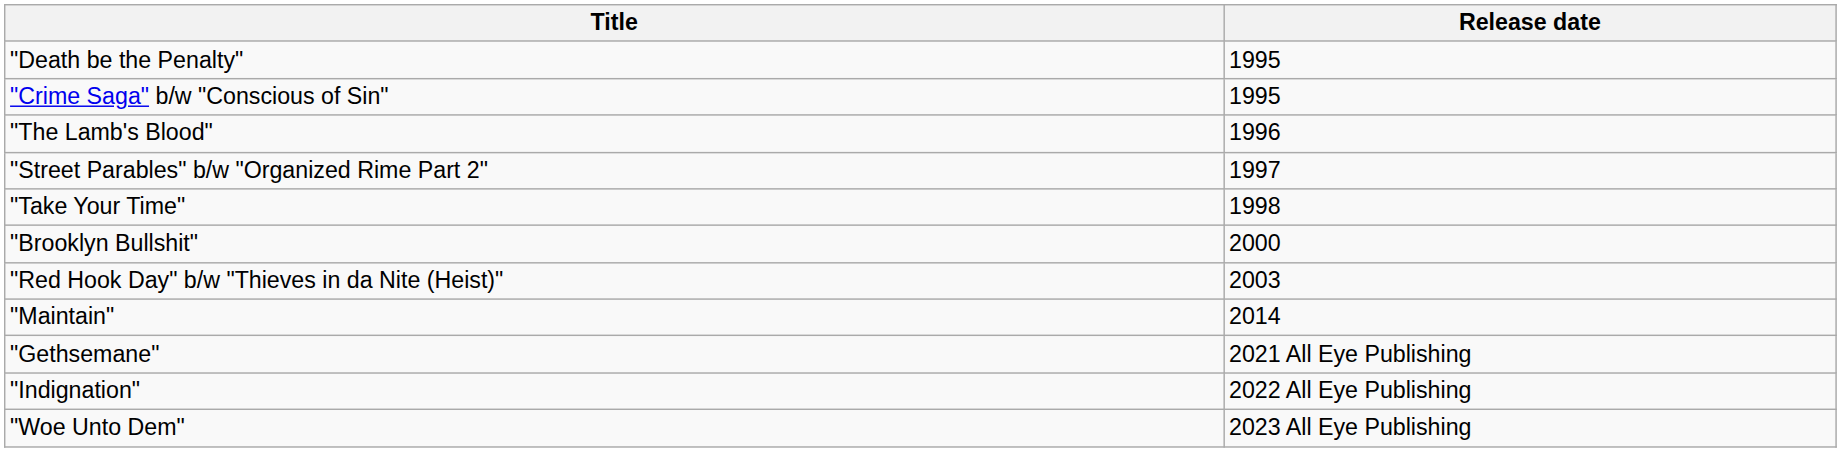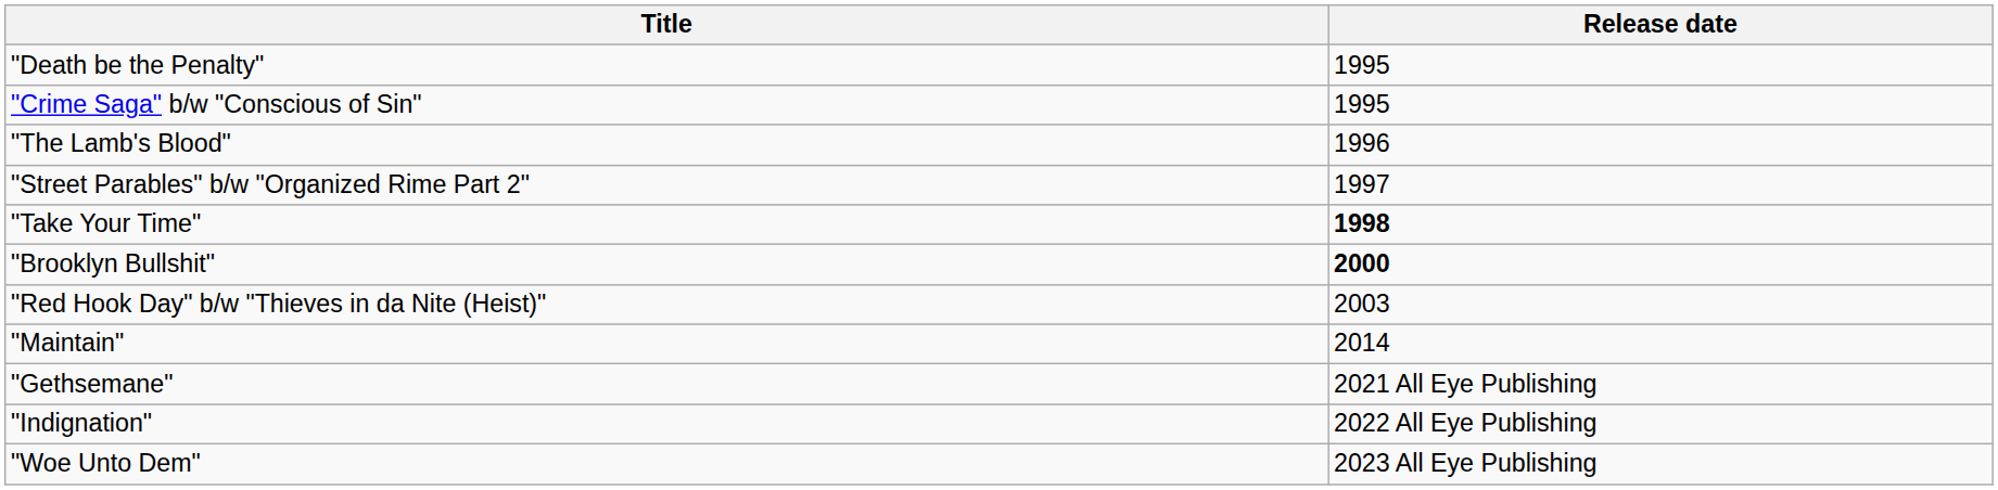 <table class="wikitable" width=100%>
 <tr>
 <th>Title</th>
 <th>Release date</th>
 </tr>
 <tr>
 <td>"Death be the Penalty"</td>
 <td>1995</td>
 </tr>
 <tr>
 <td><a href='#'>"Crime Saga"</a> b/w "Conscious of Sin"</td>
 <td>1995</td>
 </tr>
 <tr>
 <td>"The Lamb's Blood"</td>
 <td>1996</td>
 </tr>
 <tr>
 <td>"Street Parables" b/w "Organized Rime Part 2"</td>
 <td>1997</td>
 </tr>
 <tr>
 <td>"Take Your Time"</td>
-<td>1998</td>
+<td><strong>1998</strong></td>
 </tr>
 <tr>
 <td>"Brooklyn Bullshit"</td>
-<td>2000</td>
+<td><strong>2000</strong></td>
 </tr>
 <tr>
 <td>"Red Hook Day" b/w "Thieves in da Nite (Heist)"</td>
 <td>2003</td>
 </tr>
 <tr>
 <td>"Maintain"</td>
 <td>2014</td>
 </tr>
 <tr>
 <td>"Gethsemane"</td>
 <td>2021 All Eye Publishing</td>
 </tr>
 <tr>
 <td>"Indignation"</td>
 <td>2022 All Eye Publishing</td>
 </tr>
 <tr>
 <td>"Woe Unto Dem"</td>
 <td>2023 All Eye Publishing</td>
 </tr>
 </table>
